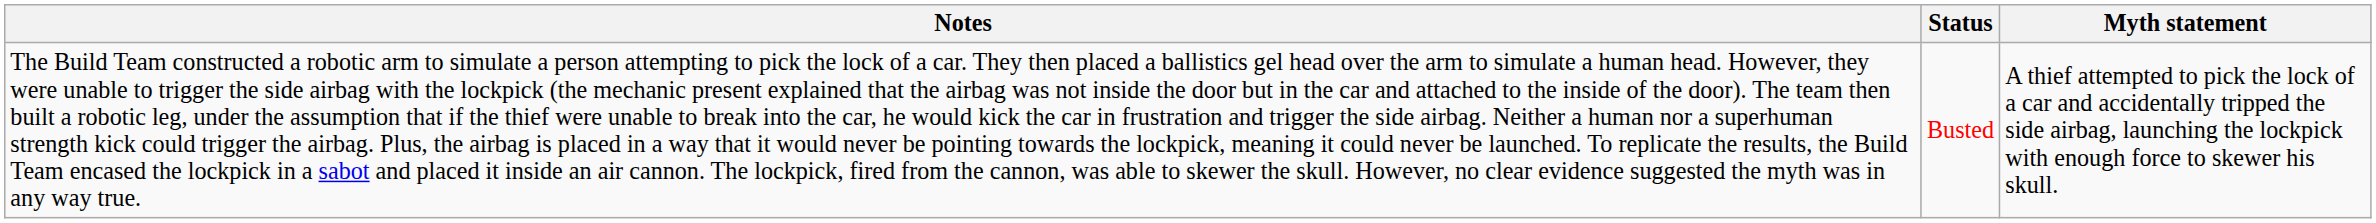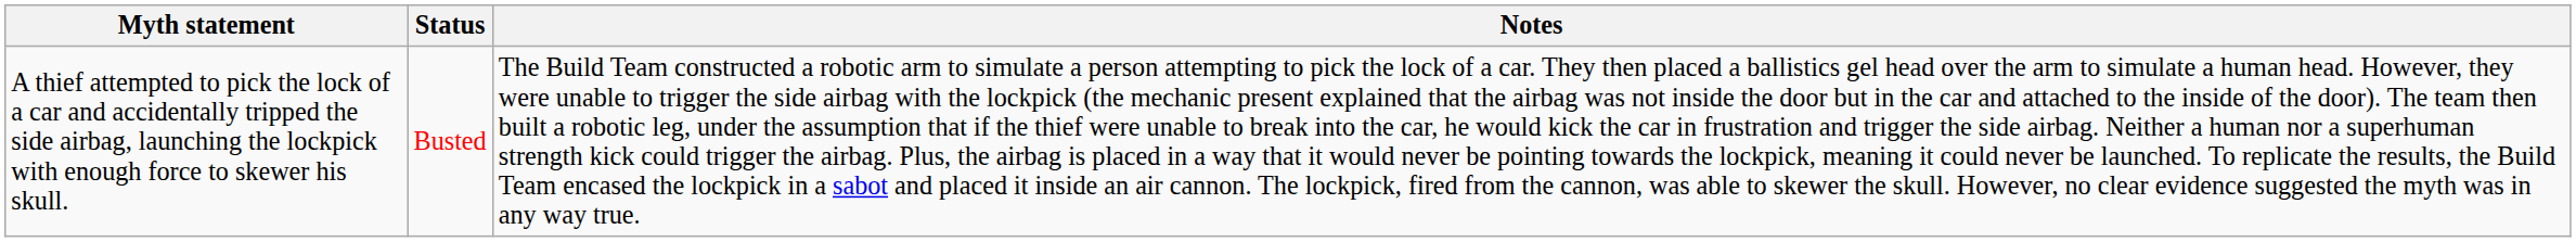 <table class="wikitable plainrowheaders">
 <tr>
+<th>Myth statement</th>
+<th>Status</th>
 <th>Notes</th>
-<th>Status</th>
-<th>Myth statement</th>
 </tr>
 <tr>
+<td>A thief attempted to pick the lock of a car and accidentally tripped the side airbag, launching the lockpick with enough force to skewer his skull.</td>
+<td style="color:red">Busted</td>
 <td>The Build Team constructed a robotic arm to simulate a person attempting to pick the lock of a car. They then placed a ballistics gel head over the arm to simulate a human head. However, they were unable to trigger the side airbag with the lockpick (the mechanic present explained that the airbag was not inside the door but in the car and attached to the inside of the door). The team then built a robotic leg, under the assumption that if the thief were unable to break into the car, he would kick the car in frustration and trigger the side airbag. Neither a human nor a superhuman strength kick could trigger the airbag. Plus, the airbag is placed in a way that it would never be pointing towards the lockpick, meaning it could never be launched. To replicate the results, the Build Team encased the lockpick in a <a href='#'>sabot</a> and placed it inside an air cannon. The lockpick, fired from the cannon, was able to skewer the skull. However, no clear evidence suggested the myth was in any way true.</td>
-<td style="color:red">Busted</td>
-<td>A thief attempted to pick the lock of a car and accidentally tripped the side airbag, launching the lockpick with enough force to skewer his skull.</td>
 </tr>
 </table>
